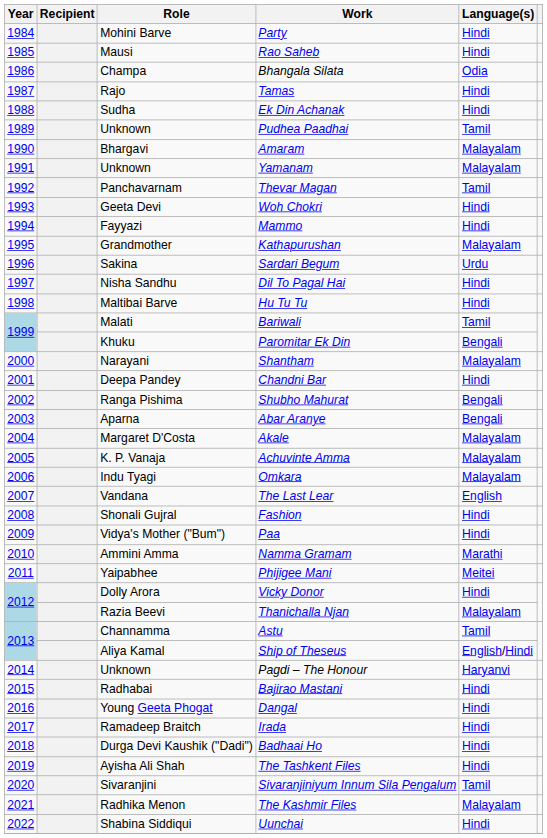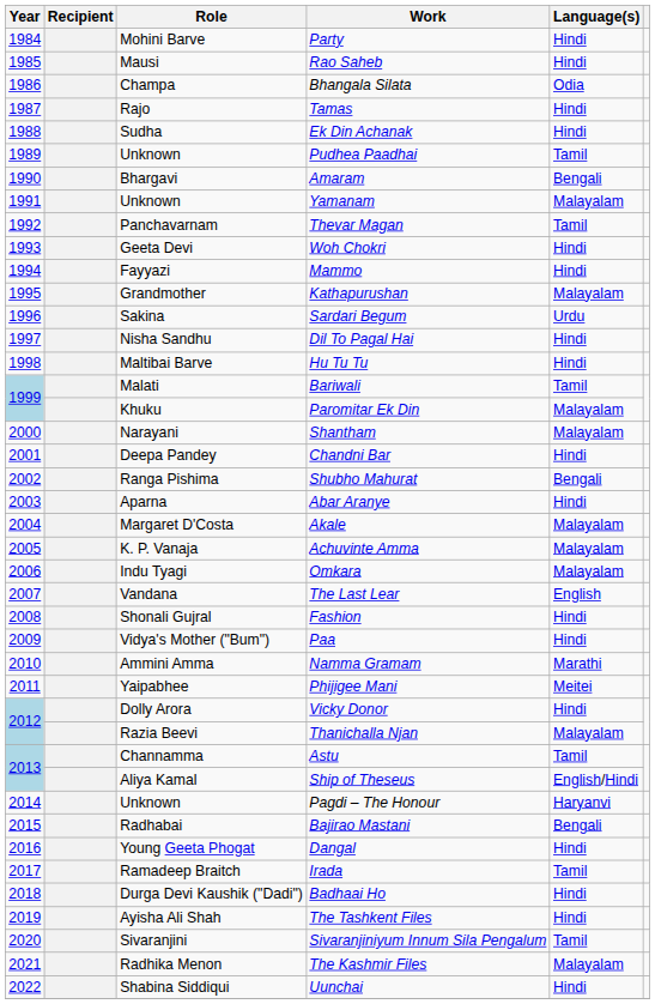 <table class="wikitable plainrowheaders sortable">
 <tr>
 <th scope="col">Year</th>
 <th scope="col">Recipient</th>
 <th scope="col">Role</th>
 <th scope="col">Work</th>
 <th scope="col">Language(s)</th>
 <th scope="col" class="unsortable"></th>
 </tr>
 <tr>
 <td align=center><a href='#'>1984<br></a></td>
 <th scope=row></th>
 <td>Mohini Barve</td>
 <td><em><a href='#'>Party</a></em></td>
 <td><a href='#'>Hindi</a></td>
 <td align=center></td>
 </tr>
 <tr>
 <td align=center><a href='#'>1985<br></a></td>
 <th scope=row></th>
 <td>Mausi</td>
 <td><em><a href='#'>Rao Saheb</a></em></td>
 <td><a href='#'>Hindi</a></td>
 <td align=center></td>
 </tr>
 <tr>
 <td align=center><a href='#'>1986<br></a></td>
 <th scope=row></th>
 <td>Champa</td>
 <td><em>Bhangala Silata</em></td>
 <td><a href='#'>Odia</a></td>
 <td align=center></td>
 </tr>
 <tr>
 <td align=center><a href='#'>1987<br></a></td>
 <th scope=row></th>
 <td>Rajo</td>
 <td><em><a href='#'>Tamas</a></em></td>
 <td><a href='#'>Hindi</a></td>
 <td align=center></td>
 </tr>
 <tr>
 <td align=center><a href='#'>1988<br></a></td>
 <th scope=row></th>
 <td>Sudha</td>
 <td><em><a href='#'>Ek Din Achanak</a></em></td>
 <td><a href='#'>Hindi</a></td>
 <td align=center></td>
 </tr>
 <tr>
 <td align=center><a href='#'>1989<br></a></td>
 <th scope=row></th>
 <td>Unknown</td>
 <td><em><a href='#'>Pudhea Paadhai</a></em></td>
 <td><a href='#'>Tamil</a></td>
 <td align=center></td>
 </tr>
 <tr>
 <td align=center><a href='#'>1990<br></a></td>
 <th scope=row></th>
 <td>Bhargavi</td>
 <td><em><a href='#'>Amaram</a></em></td>
-<td><a href='#'>Malayalam</a></td>
+<td><a href='#'>Bengali</a></td>
 <td align=center></td>
 </tr>
 <tr>
 <td align=center><a href='#'>1991<br></a></td>
 <th scope=row></th>
 <td>Unknown</td>
 <td><em><a href='#'>Yamanam</a></em></td>
 <td><a href='#'>Malayalam</a></td>
 <td align=center></td>
 </tr>
 <tr>
 <td align=center><a href='#'>1992<br></a></td>
 <th scope=row></th>
 <td>Panchavarnam</td>
 <td><em><a href='#'>Thevar Magan</a></em></td>
 <td><a href='#'>Tamil</a></td>
 <td align=center></td>
 </tr>
 <tr>
 <td align=center><a href='#'>1993<br></a></td>
 <th scope=row></th>
 <td>Geeta Devi</td>
 <td><em><a href='#'>Woh Chokri</a></em></td>
 <td><a href='#'>Hindi</a></td>
 <td align=center></td>
 </tr>
 <tr>
 <td align=center><a href='#'>1994<br></a></td>
 <th scope=row></th>
 <td>Fayyazi</td>
 <td><em><a href='#'>Mammo</a></em></td>
 <td><a href='#'>Hindi</a></td>
 <td align=center></td>
 </tr>
 <tr>
 <td align=center><a href='#'>1995<br></a></td>
 <th scope=row></th>
 <td>Grandmother</td>
 <td><em><a href='#'>Kathapurushan</a></em></td>
 <td><a href='#'>Malayalam</a></td>
 <td align=center></td>
 </tr>
 <tr>
 <td align=center><a href='#'>1996<br></a></td>
 <th scope=row></th>
 <td>Sakina</td>
 <td><em><a href='#'>Sardari Begum</a></em></td>
 <td><a href='#'>Urdu</a></td>
 <td align=center></td>
 </tr>
 <tr>
 <td align=center><a href='#'>1997<br></a></td>
 <th scope=row></th>
 <td>Nisha Sandhu</td>
 <td><em><a href='#'>Dil To Pagal Hai</a></em></td>
 <td><a href='#'>Hindi</a></td>
 <td align=center></td>
 </tr>
 <tr>
 <td align=center><a href='#'>1998<br></a></td>
 <th scope=row></th>
 <td>Maltibai Barve</td>
 <td><em><a href='#'>Hu Tu Tu</a></em></td>
 <td><a href='#'>Hindi</a></td>
 <td align=center></td>
 </tr>
 <tr>
 <td style="background:#ADD8E6" rowspan="2"><a href='#'>1999<br></a> </td>
 <th scope=row></th>
 <td>Malati</td>
 <td><em><a href='#'>Bariwali</a></em></td>
 <td><a href='#'>Tamil</a></td>
 <td align=center rowspan="2"></td>
 </tr>
 <tr>
 <th scope=row></th>
 <td>Khuku</td>
 <td><em><a href='#'>Paromitar Ek Din</a></em></td>
-<td><a href='#'>Bengali</a></td>
+<td><a href='#'>Malayalam</a></td>
 </tr>
 <tr>
 <td align=center><a href='#'>2000<br></a></td>
 <th scope=row></th>
 <td>Narayani</td>
 <td><em><a href='#'>Shantham</a></em></td>
 <td><a href='#'>Malayalam</a></td>
 <td align=center></td>
 </tr>
 <tr>
 <td align=center><a href='#'>2001<br></a></td>
 <th scope=row></th>
 <td>Deepa Pandey</td>
 <td><em><a href='#'>Chandni Bar</a></em></td>
 <td><a href='#'>Hindi</a></td>
 <td align=center></td>
 </tr>
 <tr>
 <td align=center><a href='#'>2002<br></a></td>
 <th scope=row></th>
 <td>Ranga Pishima</td>
 <td><em><a href='#'>Shubho Mahurat</a></em></td>
 <td><a href='#'>Bengali</a></td>
 <td align=center></td>
 </tr>
 <tr>
 <td align=center><a href='#'>2003<br></a></td>
 <th scope=row></th>
 <td>Aparna</td>
 <td><em><a href='#'>Abar Aranye</a></em></td>
-<td><a href='#'>Bengali</a></td>
+<td><a href='#'>Hindi</a></td>
 <td align=center></td>
 </tr>
 <tr>
 <td align=center><a href='#'>2004<br></a></td>
 <th scope=row></th>
 <td>Margaret D'Costa</td>
 <td><em><a href='#'>Akale</a></em></td>
 <td><a href='#'>Malayalam</a></td>
 <td align=center></td>
 </tr>
 <tr>
 <td align=center><a href='#'>2005<br></a></td>
 <th scope=row></th>
 <td>K. P. Vanaja</td>
 <td><em><a href='#'>Achuvinte Amma</a></em></td>
 <td><a href='#'>Malayalam</a></td>
 <td align=center></td>
 </tr>
 <tr>
 <td align=center><a href='#'>2006<br></a></td>
 <th scope=row></th>
 <td>Indu Tyagi</td>
 <td><em><a href='#'>Omkara</a></em></td>
 <td><a href='#'>Malayalam</a></td>
 <td align=center></td>
 </tr>
 <tr>
 <td align=center><a href='#'>2007<br></a></td>
 <th scope=row></th>
 <td>Vandana</td>
 <td><em><a href='#'>The Last Lear</a></em></td>
 <td><a href='#'>English</a></td>
 <td align=center></td>
 </tr>
 <tr>
 <td align=center><a href='#'>2008<br></a></td>
 <th scope=row></th>
 <td>Shonali Gujral</td>
 <td><em><a href='#'>Fashion</a></em></td>
 <td><a href='#'>Hindi</a></td>
 <td align=center></td>
 </tr>
 <tr>
 <td align=center><a href='#'>2009<br></a></td>
 <th scope=row></th>
 <td>Vidya's Mother ("Bum")</td>
 <td><em><a href='#'>Paa</a></em></td>
 <td><a href='#'>Hindi</a></td>
 <td align=center></td>
 </tr>
 <tr>
 <td align=center><a href='#'>2010<br></a></td>
 <th scope=row></th>
 <td>Ammini Amma</td>
 <td><em><a href='#'>Namma Gramam</a></em></td>
 <td><a href='#'>Marathi</a></td>
 <td align=center></td>
 </tr>
 <tr>
 <td align=center><a href='#'>2011<br></a></td>
 <th scope=row></th>
 <td>Yaipabhee</td>
 <td><em><a href='#'>Phijigee Mani</a></em></td>
 <td><a href='#'>Meitei</a></td>
 <td align=center></td>
 </tr>
 <tr>
 <td style="background:#ADD8E6" rowspan="2"><a href='#'>2012<br></a> </td>
 <th scope=row></th>
 <td>Dolly Arora</td>
 <td><em><a href='#'>Vicky Donor</a></em></td>
 <td><a href='#'>Hindi</a></td>
 <td align=center rowspan="2"></td>
 </tr>
 <tr>
 <th scope=row></th>
 <td>Razia Beevi</td>
 <td><em><a href='#'>Thanichalla Njan</a></em></td>
 <td><a href='#'>Malayalam</a></td>
 </tr>
 <tr>
 <td style="background:#ADD8E6" rowspan="2"><a href='#'>2013<br></a> </td>
 <th scope=row></th>
 <td>Channamma</td>
 <td><em><a href='#'>Astu</a></em></td>
 <td><a href='#'>Tamil</a></td>
 <td align=center rowspan="2"></td>
 </tr>
 <tr>
 <th scope=row></th>
 <td>Aliya Kamal</td>
 <td><em><a href='#'>Ship of Theseus</a></em></td>
 <td><a href='#'>English</a>/<a href='#'>Hindi</a></td>
 </tr>
 <tr>
 <td align=center><a href='#'>2014<br></a></td>
 <th scope=row></th>
 <td>Unknown</td>
 <td><em>Pagdi – The Honour</em></td>
 <td><a href='#'>Haryanvi</a></td>
 <td align=center></td>
 </tr>
 <tr>
 <td align=center><a href='#'>2015<br></a></td>
 <th scope=row></th>
 <td>Radhabai</td>
 <td><em><a href='#'>Bajirao Mastani</a></em></td>
-<td><a href='#'>Hindi</a></td>
+<td><a href='#'>Bengali</a></td>
 <td align=center></td>
 </tr>
 <tr>
 <td align=center><a href='#'>2016<br></a></td>
 <th scope=row></th>
 <td>Young <a href='#'>Geeta Phogat</a></td>
 <td><em><a href='#'>Dangal</a></em></td>
 <td><a href='#'>Hindi</a></td>
 <td align=center></td>
 </tr>
 <tr>
 <td align=center><a href='#'>2017<br></a></td>
 <th scope=row></th>
 <td>Ramadeep Braitch</td>
 <td><em><a href='#'>Irada</a></em></td>
-<td><a href='#'>Hindi</a></td>
+<td><a href='#'>Tamil</a></td>
 <td align=center></td>
 </tr>
 <tr>
 <td align=center><a href='#'>2018<br></a></td>
 <th scope=row></th>
 <td>Durga Devi Kaushik ("Dadi")</td>
 <td><em><a href='#'>Badhaai Ho</a></em></td>
 <td><a href='#'>Hindi</a></td>
 <td align=center></td>
 </tr>
 <tr>
 <td align=center><a href='#'>2019<br></a></td>
 <th scope=row></th>
 <td>Ayisha Ali Shah</td>
 <td><em><a href='#'>The Tashkent Files</a></em></td>
 <td><a href='#'>Hindi</a></td>
 <td align=center></td>
 </tr>
 <tr>
 <td align=center><a href='#'>2020<br></a></td>
 <th scope=row></th>
 <td>Sivaranjini</td>
 <td><em><a href='#'>Sivaranjiniyum Innum Sila Pengalum</a></em></td>
 <td><a href='#'>Tamil</a></td>
 <td align=center></td>
 </tr>
 <tr>
 <td align=center><a href='#'>2021<br></a></td>
 <th scope=row></th>
 <td>Radhika Menon</td>
 <td><em><a href='#'>The Kashmir Files</a></em></td>
 <td><a href='#'>Malayalam</a></td>
 <td align=center></td>
 </tr>
 <tr>
 <td align=center><a href='#'>2022<br></a></td>
 <th scope=row></th>
 <td>Shabina Siddiqui</td>
 <td><em><a href='#'>Uunchai</a></em></td>
 <td><a href='#'>Hindi</a></td>
 <td align=center></td>
 </tr>
 <tr>
 </tr>
 </table>
